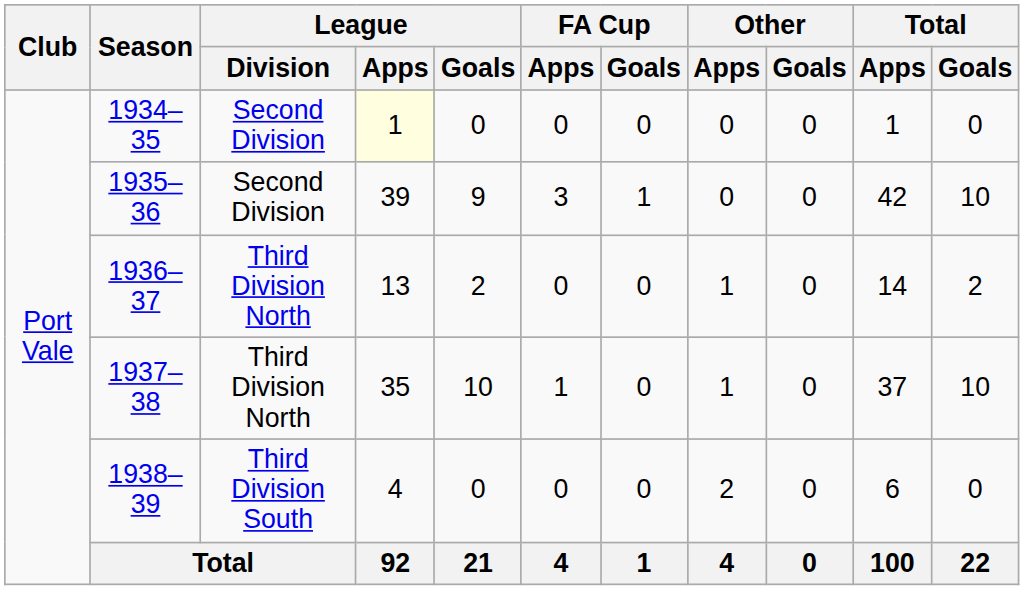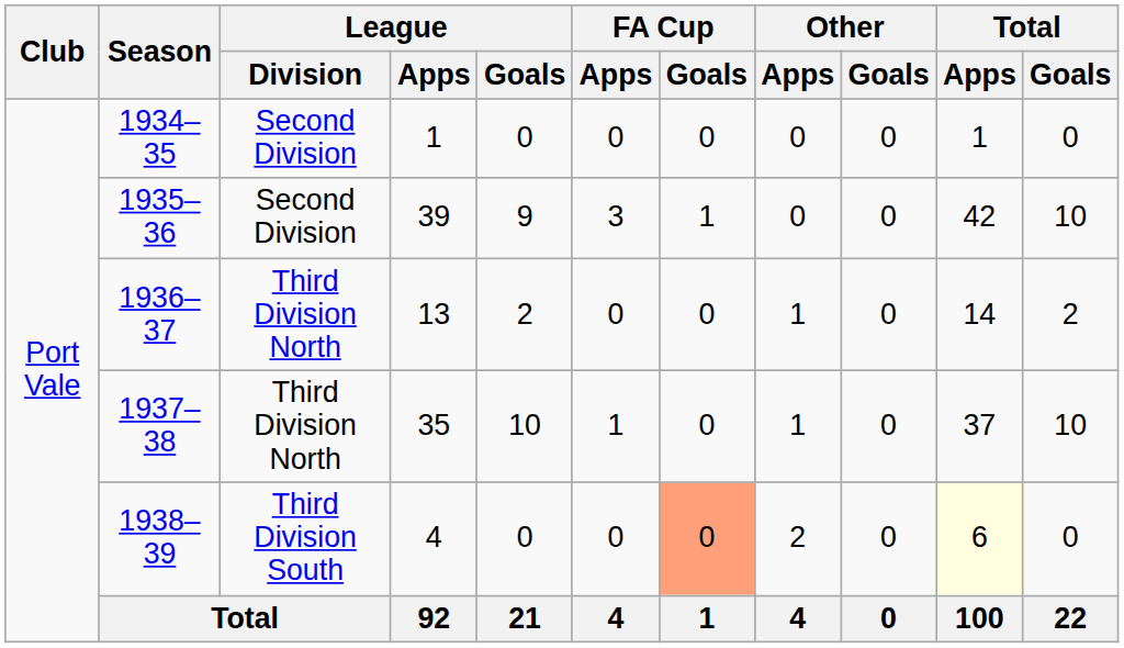 <table class="wikitable" style="text-align: center;">
 <tr>
 <th rowspan="2">Club</th>
 <th rowspan="2">Season</th>
 <th colspan="3">League</th>
 <th colspan="2">FA Cup</th>
 <th colspan="2">Other</th>
 <th colspan="2">Total</th>
 </tr>
 <tr>
 <th>Division</th>
 <th>Apps</th>
 <th>Goals</th>
 <th>Apps</th>
 <th>Goals</th>
 <th>Apps</th>
 <th>Goals</th>
 <th>Apps</th>
 <th>Goals</th>
 </tr>
 <tr>
 <td rowspan="6"><a href='#'>Port Vale</a></td>
 <td><a href='#'>1934–35</a></td>
 <td><a href='#'>Second Division</a></td>
-<td style="background: lightyellow;">1</td>
+<td>1</td>
 <td>0</td>
 <td>0</td>
 <td>0</td>
 <td>0</td>
 <td>0</td>
 <td>1</td>
 <td>0</td>
 </tr>
 <tr>
 <td><a href='#'>1935–36</a></td>
 <td>Second Division</td>
 <td>39</td>
 <td>9</td>
 <td>3</td>
 <td>1</td>
 <td>0</td>
 <td>0</td>
 <td>42</td>
 <td>10</td>
 </tr>
 <tr>
 <td><a href='#'>1936–37</a></td>
 <td><a href='#'>Third Division North</a></td>
 <td>13</td>
 <td>2</td>
 <td>0</td>
 <td>0</td>
 <td>1</td>
 <td>0</td>
 <td>14</td>
 <td>2</td>
 </tr>
 <tr>
 <td><a href='#'>1937–38</a></td>
 <td>Third Division North</td>
 <td>35</td>
 <td>10</td>
 <td>1</td>
 <td>0</td>
 <td>1</td>
 <td>0</td>
 <td>37</td>
 <td>10</td>
 </tr>
 <tr>
 <td><a href='#'>1938–39</a></td>
 <td><a href='#'>Third Division South</a></td>
 <td>4</td>
 <td>0</td>
 <td>0</td>
-<td>0</td>
+<td style="background: lightsalmon;">0</td>
 <td>2</td>
 <td>0</td>
-<td>6</td>
+<td style="background: lightyellow;">6</td>
 <td>0</td>
 </tr>
 <tr>
 <th colspan="2">Total</th>
 <th>92</th>
 <th>21</th>
 <th>4</th>
 <th>1</th>
 <th>4</th>
 <th>0</th>
 <th>100</th>
 <th>22</th>
 </tr>
 </table>
